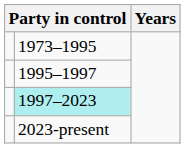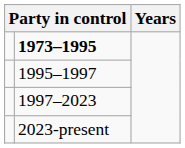 <table class="wikitable">
 <tr>
 <th colspan=2>Party in control</th>
 <th>Years</th>
 </tr>
 <tr>
 <td></td>
-<td>1973–1995</td>
+<td><strong>1973–1995</strong></td>
 </tr>
 <tr>
 <td></td>
 <td>1995–1997</td>
 </tr>
 <tr>
 <td></td>
-<td style="background: paleturquoise;">1997–2023</td>
+<td>1997–2023</td>
 </tr>
 <tr>
 <td></td>
 <td>2023-present</td>
 </tr>
 </table>
